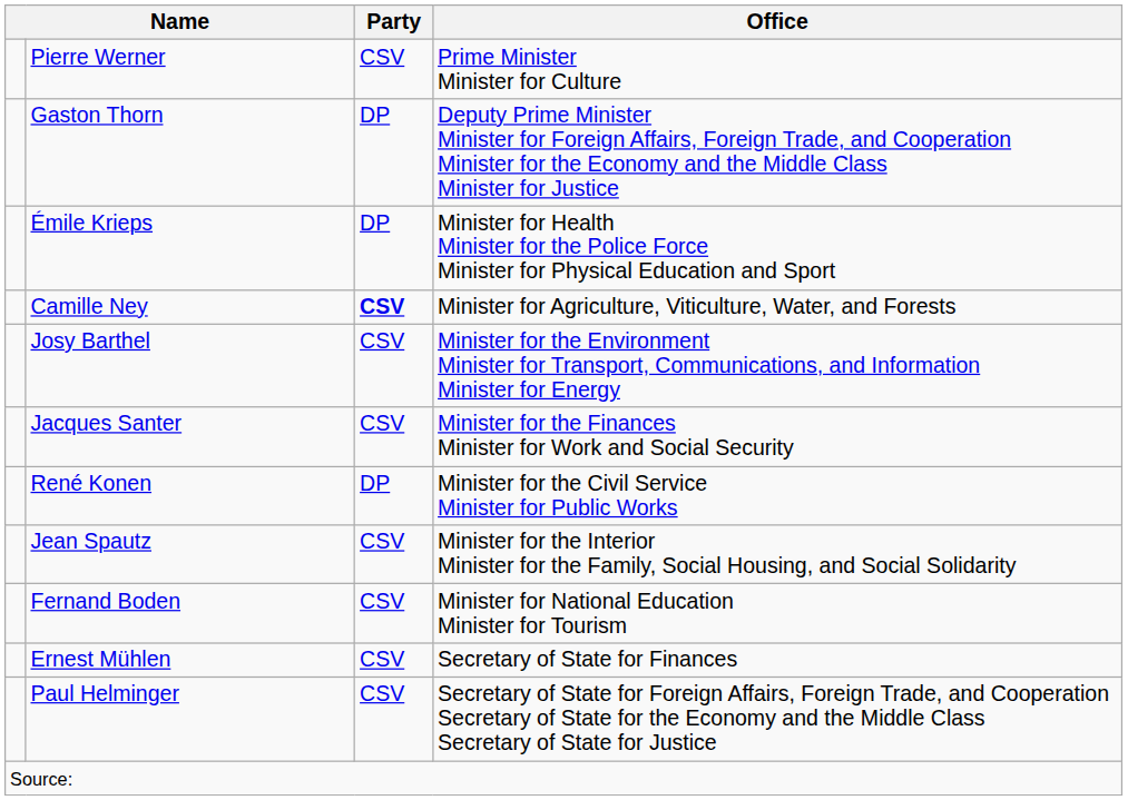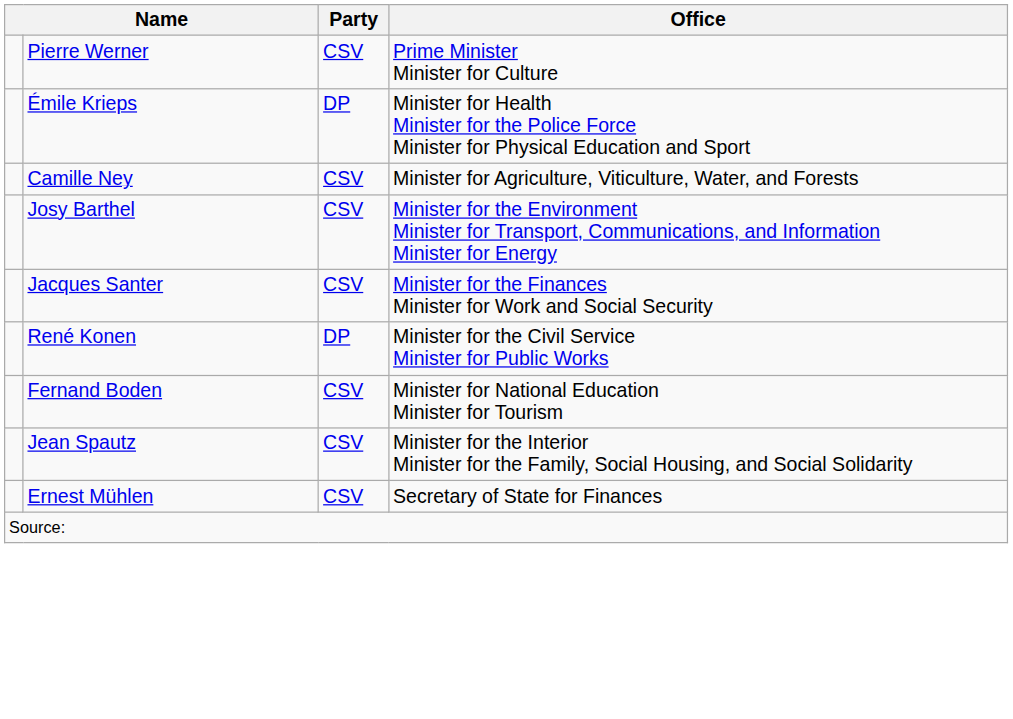 <table class="wikitable">
 <tr>
 <th colspan=2 width=250px>Name</th>
 <th width=50px>Party</th>
 <th width=500px>Office</th>
 </tr>
 <tr>
 <td style="background-color: "></td>
 <td valign=top><a href='#'>Pierre Werner</a></td>
 <td valign=top><a href='#'>CSV</a></td>
 <td><a href='#'>Prime Minister</a> <br> Minister for Culture</td>
 </tr>
 <tr>
 <td style="background-color: "></td>
-<td valign=top><a href='#'>Gaston Thorn</a></td>
-<td valign=top><a href='#'>DP</a></td>
-<td><a href='#'>Deputy Prime Minister</a> <br> <a href='#'>Minister for Foreign Affairs, Foreign Trade, and Cooperation</a> <br> <a href='#'>Minister for the Economy and the Middle Class</a> <br> <a href='#'>Minister for Justice</a></td>
-</tr>
-<tr>
-<td style="background-color: "></td>
 <td valign=top><a href='#'>Émile Krieps</a></td>
 <td valign=top><a href='#'>DP</a></td>
 <td>Minister for Health <br> <a href='#'>Minister for the Police Force</a> <br> Minister for Physical Education and Sport</td>
 </tr>
 <tr>
 <td style="background-color: "></td>
 <td valign=top><a href='#'>Camille Ney</a></td>
-<td valign=top><strong><a href='#'>CSV</a></strong></td>
+<td valign=top><a href='#'>CSV</a></td>
 <td>Minister for Agriculture, Viticulture, Water, and Forests</td>
 </tr>
 <tr>
 <td style="background-color: "></td>
 <td valign=top><a href='#'>Josy Barthel</a></td>
 <td valign=top><a href='#'>CSV</a></td>
 <td><a href='#'>Minister for the Environment</a> <br> <a href='#'>Minister for Transport, Communications, and Information</a> <br> <a href='#'>Minister for Energy</a></td>
 </tr>
 <tr>
 <td style="background-color: "></td>
 <td valign=top><a href='#'>Jacques Santer</a></td>
 <td valign=top><a href='#'>CSV</a></td>
 <td><a href='#'>Minister for the Finances</a> <br> Minister for Work and Social Security</td>
 </tr>
 <tr>
 <td style="background-color: "></td>
 <td valign=top><a href='#'>René Konen</a></td>
 <td valign=top><a href='#'>DP</a></td>
 <td>Minister for the Civil Service <br> <a href='#'>Minister for Public Works</a></td>
 </tr>
 <tr>
 <td style="background-color: "></td>
+<td valign=top><a href='#'>Fernand Boden</a></td>
+<td valign=top><a href='#'>CSV</a></td>
+<td>Minister for National Education <br> Minister for Tourism</td>
+</tr>
+<tr>
+<td style="background-color: "></td>
 <td valign=top><a href='#'>Jean Spautz</a></td>
 <td valign=top><a href='#'>CSV</a></td>
 <td>Minister for the Interior <br> Minister for the Family, Social Housing, and Social Solidarity</td>
-</tr>
-<tr>
-<td style="background-color: "></td>
-<td valign=top><a href='#'>Fernand Boden</a></td>
-<td valign=top><a href='#'>CSV</a></td>
-<td>Minister for National Education <br> Minister for Tourism</td>
 </tr>
 <tr>
 <td style="background-color: "></td>
 <td valign=top><a href='#'>Ernest Mühlen</a></td>
 <td valign=top><a href='#'>CSV</a></td>
 <td>Secretary of State for Finances</td>
 </tr>
 <tr>
-<td style="background-color: "></td>
-<td valign=top><a href='#'>Paul Helminger</a></td>
-<td valign=top><a href='#'>CSV</a></td>
-<td>Secretary of State for Foreign Affairs, Foreign Trade, and Cooperation <br> Secretary of State for the Economy and the Middle Class <br> Secretary of State for Justice</td>
-</tr>
-<tr>
 <td colspan=4><small>Source: </small></td>
 </tr>
 </table>
